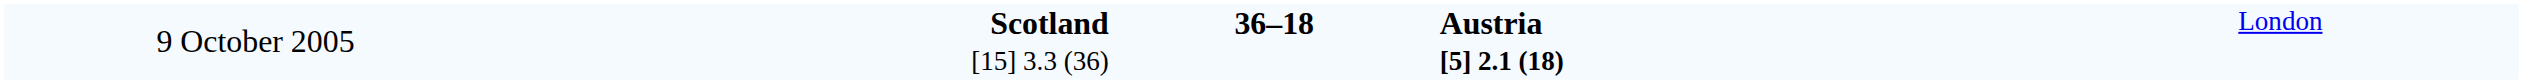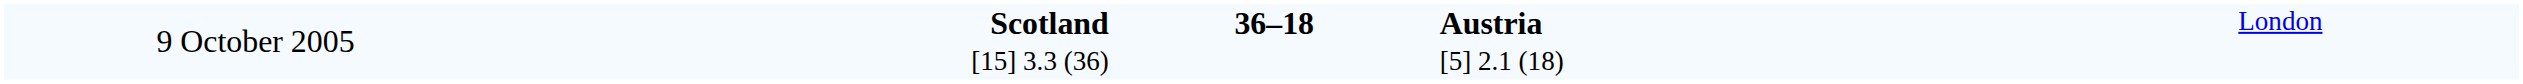 <table style="width: 100%; background:#F5FAFF;" cellspacing="0">
 <tr>
 <td align=center rowspan=3 width=20%>9 October 2005</td>
 </tr>
 <tr>
 <td width=24% align=right><strong>Scotland</strong></td>
 <td align=center width=13%><strong>36–18</strong></td>
 <td width=24%><strong>Austria</strong></td>
 <td style=font-size:85% rowspan=3 valign=top align=center><a href='#'>London</a></td>
 </tr>
 <tr style=font-size:85%>
 <td align=right>[15] 3.3 (36)</td>
 <td></td>
-<td><strong>[5] 2.1 (18)</strong></td>
+<td>[5] 2.1 (18)</td>
 </tr>
 </table>
